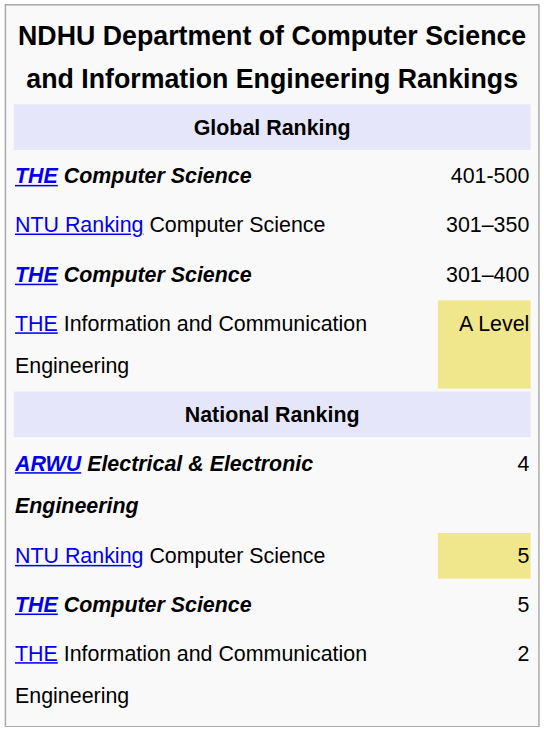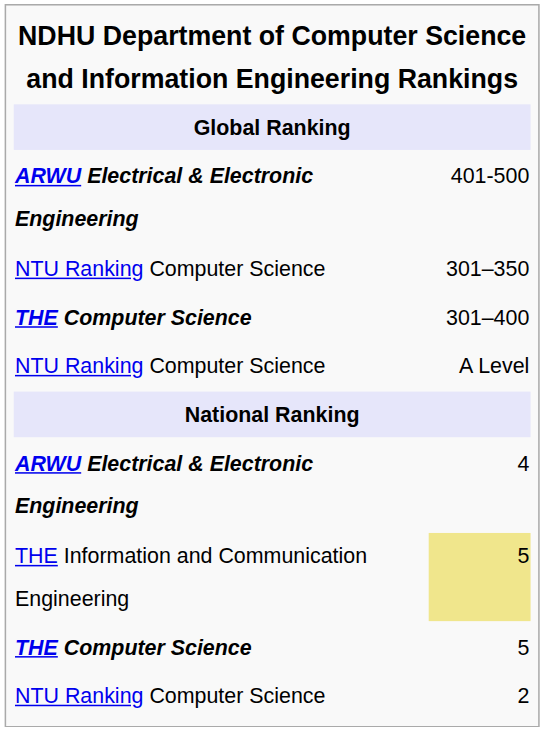 <table class="infobox" style="width:25em; text-align:center; font-size:88%; line-height:2em;">
 <tr>
 <td colspan=2 style="font-size:125%; font-weight:bold; text-align:center"><strong>NDHU Department of Computer Science and Information Engineering Rankings</strong></td>
 </tr>
 <tr>
 <th colspan="2" style="background:lavender ;text-align:center">Global Ranking</th>
 </tr>
 <tr>
-<td style="text-align:left;"><strong><em><a href='#'>THE</a><em> Computer Science<strong></td>
+<td style="text-align:left; width:80%"><strong><em><a href='#'>ARWU</a><em> Electrical & Electronic Engineering<strong></td>
 <td style="text-align:right;">401-500</td>
 </tr>
 <tr>
 <td style="text-align:left;"></em></strong><a href='#'>NTU Ranking</a></em> Computer Science</strong></td>
 <td style="text-align:right;">301–350</td>
 </tr>
 <tr>
 <td style="text-align:left;"><strong><em><a href='#'>THE</a><em> Computer Science<strong></td>
 <td style="text-align:right;">301–400</td>
 </tr>
 <tr>
-<td style="text-align:left;"></em></strong><a href='#'>THE</a></em> Information and Communication Engineering</strong></td>
-<td style="background: khaki; text-align:right;">A Level</td>
+<td style="text-align:left;"></em></strong><a href='#'>NTU Ranking</a></em> Computer Science</strong></td>
+<td style="text-align:right;">A Level</td>
 </tr>
 <tr>
 <th colspan="2" style="background:lavender ;text-align:center">National Ranking</th>
 </tr>
 <tr>
 <td style="text-align:left;"><strong><em><a href='#'>ARWU</a><em> Electrical & Electronic Engineering<strong></td>
 <td style="text-align:right;">4</td>
 </tr>
 <tr>
-<td style="text-align:left;"></em></strong><a href='#'>NTU Ranking</a></em> Computer Science</strong></td>
+<td style="text-align:left;"></em></strong><a href='#'>THE</a></em> Information and Communication Engineering</strong></td>
 <td style="background: khaki; text-align:right;">5</td>
 </tr>
 <tr>
 <td style="text-align:left;"><strong><em><a href='#'>THE</a><em> Computer Science<strong></td>
 <td style="text-align:right;">5</td>
 </tr>
 <tr>
-<td style="text-align:left;"></em></strong><a href='#'>THE</a></em> Information and Communication Engineering</strong></td>
+<td style="text-align:left;"></em></strong><a href='#'>NTU Ranking</a></em> Computer Science</strong></td>
 <td style="text-align:right;">2</td>
 </tr>
 </table>
